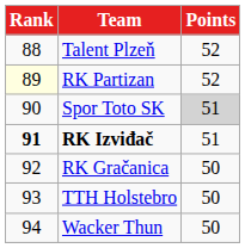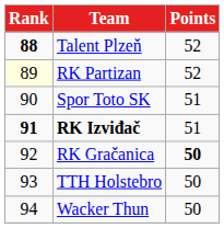 <table class="wikitable" style="text-align: center">
 <tr>
 <th style="color:#FFFFFF; background:#E62020">Rank</th>
 <th style="color:#FFFFFF; background:#E62020">Team</th>
 <th style="color:#FFFFFF; background:#E62020">Points</th>
 </tr>
 <tr>
-<td>88</td>
+<td><strong>88</strong></td>
 <td align=left> <a href='#'>Talent Plzeň</a></td>
 <td>52</td>
 </tr>
 <tr>
 <td style="background: lightyellow;">89</td>
 <td align=left> <a href='#'>RK Partizan</a></td>
 <td>52</td>
 </tr>
 <tr>
 <td>90</td>
 <td align=left> <a href='#'>Spor Toto SK</a></td>
-<td style="background: lightgrey;">51</td>
+<td>51</td>
 </tr>
 <tr>
 <td><strong>91</strong></td>
 <td align=left> <strong>RK Izviđač</strong></td>
 <td>51</td>
 </tr>
 <tr>
 <td>92</td>
 <td align=left> <a href='#'>RK Gračanica</a></td>
-<td>50</td>
+<td><strong>50</strong></td>
 </tr>
 <tr>
 <td>93</td>
 <td align=left> <a href='#'>TTH Holstebro</a></td>
 <td>50</td>
 </tr>
 <tr>
 <td>94</td>
 <td align=left> <a href='#'>Wacker Thun</a></td>
 <td>50</td>
 </tr>
 <tr>
 </tr>
 </table>
